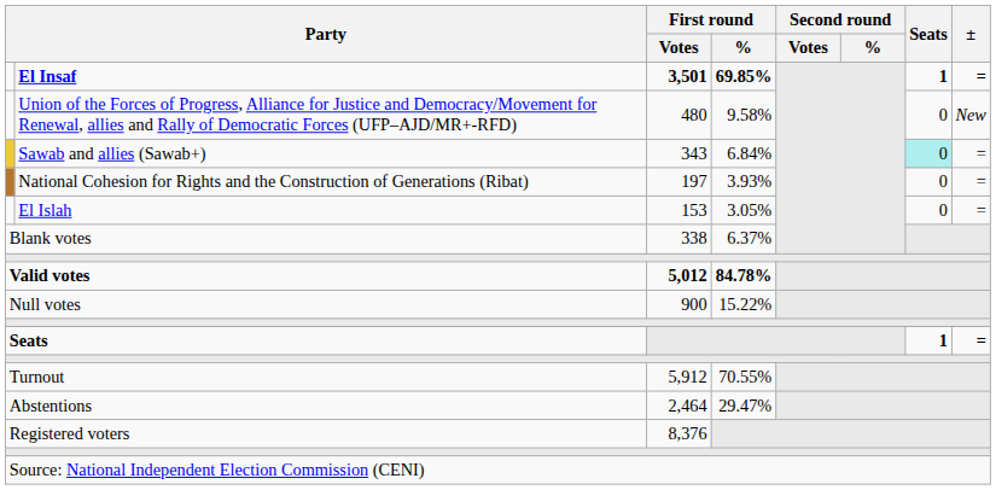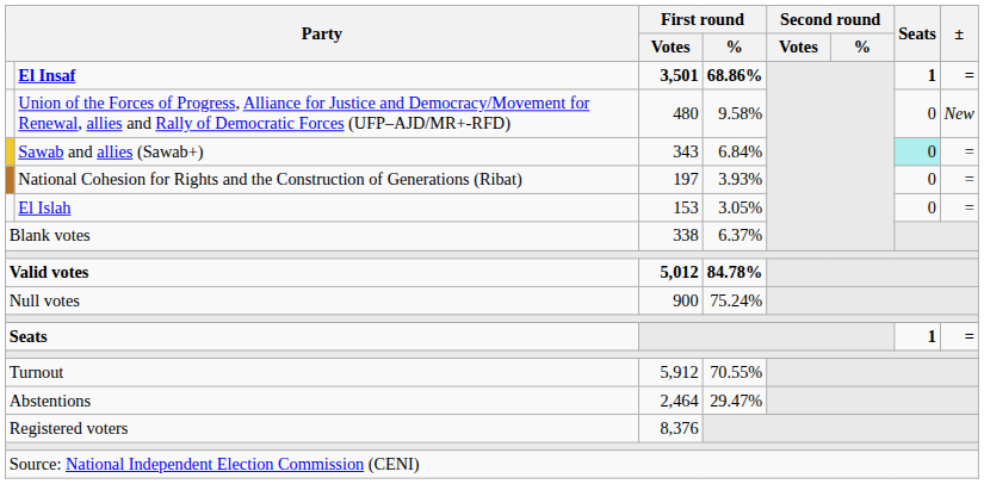 <table class="wikitable" style="text-align:right;font-size:95%;">
 <tr>
 <th rowspan="2" colspan="2" width="700">Party</th>
 <th colspan="2">First round</th>
 <th colspan="2">Second round</th>
 <th rowspan="2" width="25">Seats</th>
 <th rowspan="2" width="20">±</th>
 </tr>
 <tr>
 <th width="50">Votes</th>
 <th width="50">%</th>
 <th width="50">Votes</th>
 <th width="50">%</th>
 </tr>
 <tr>
 <td width="1" style="color:inherit;background:"></td>
 <td style="text-align:left;"><strong><a href='#'>El Insaf</a></strong></td>
 <td><strong>3,501</strong></td>
-<td><strong>69.85%</strong></td>
+<td><strong>68.86%</strong></td>
 <td colspan="2" rowspan="6" style="background:#E9E9E9;"></td>
 <td><strong>1</strong></td>
 <td><strong>=</strong></td>
 </tr>
 <tr>
 <td width="1" style="color:inherit;background:"></td>
 <td style="text-align:left;"><a href='#'>Union of the Forces of Progress</a>, <a href='#'>Alliance for Justice and Democracy/Movement for Renewal</a>, <a href='#'>allies</a> and <a href='#'>Rally of Democratic Forces</a> (UFP–AJD/MR+-RFD)</td>
 <td>480</td>
 <td>9.58%</td>
 <td>0</td>
 <td><em>New</em></td>
 </tr>
 <tr>
 <td width="1" style="color:inherit;background:#F0C832;"></td>
 <td style="text-align:left;"><a href='#'>Sawab</a> and <a href='#'>allies</a> (Sawab+)</td>
 <td>343</td>
 <td>6.84%</td>
 <td style="background: paleturquoise;">0</td>
 <td>=</td>
 </tr>
 <tr>
 <td width="1" style="color:inherit;background:#B7752C;"></td>
 <td style="text-align:left;">National Cohesion for Rights and the Construction of Generations (Ribat)</td>
 <td>197</td>
 <td>3.93%</td>
 <td>0</td>
 <td>=</td>
 </tr>
 <tr>
 <td width="1" style="color:inherit;background:"></td>
 <td style="text-align:left;"><a href='#'>El Islah</a></td>
 <td>153</td>
 <td>3.05%</td>
 <td>0</td>
 <td>=</td>
 </tr>
 <tr>
 <td colspan="2" style="text-align:left;">Blank votes</td>
 <td>338</td>
 <td>6.37%</td>
 <td colspan="4" style="background:#E9E9E9;"></td>
 </tr>
 <tr>
 <td colspan="8" style="background:#E9E9E9;"></td>
 </tr>
 <tr style="font-weight:bold;">
 <td colspan="2" style="text-align:left;">Valid votes</td>
 <td>5,012</td>
 <td>84.78%</td>
 <td colspan="4" style="background:#E9E9E9;"></td>
 </tr>
 <tr>
 <td colspan="2" style="text-align:left;">Null votes</td>
 <td>900</td>
-<td>15.22%</td>
+<td>75.24%</td>
 <td colspan="4" style="background:#E9E9E9;"></td>
 </tr>
 <tr>
 <td colspan="8" style="background:#E9E9E9;"></td>
 </tr>
 <tr>
 </tr>
 <tr style="font-weight:bold;">
 <td colspan="2" style="text-align:left;">Seats</td>
 <td colspan="4" style="background:#E9E9E9;"></td>
 <td>1</td>
 <td>=</td>
 </tr>
 <tr>
 <td colspan="8" style="background:#E9E9E9;"></td>
 </tr>
 <tr>
 <td colspan="2" style="text-align:left;">Turnout</td>
 <td>5,912</td>
 <td>70.55%</td>
 <td colspan="4" style="background:#E9E9E9;"></td>
 </tr>
 <tr>
 <td colspan="2" style="text-align:left;">Abstentions</td>
 <td>2,464</td>
 <td>29.47%</td>
 <td colspan="4" style="background:#E9E9E9;"></td>
 </tr>
 <tr>
 <td colspan="2" style="text-align:left;">Registered voters</td>
 <td>8,376</td>
 <td colspan="5" style="background:#E9E9E9;"></td>
 </tr>
 <tr>
 <td colspan="8" style="background:#E9E9E9;"></td>
 </tr>
 <tr>
 <td colspan="8" style="text-align:left;">Source: <a href='#'>National Independent Election Commission</a> (CENI)</td>
 </tr>
 </table>
